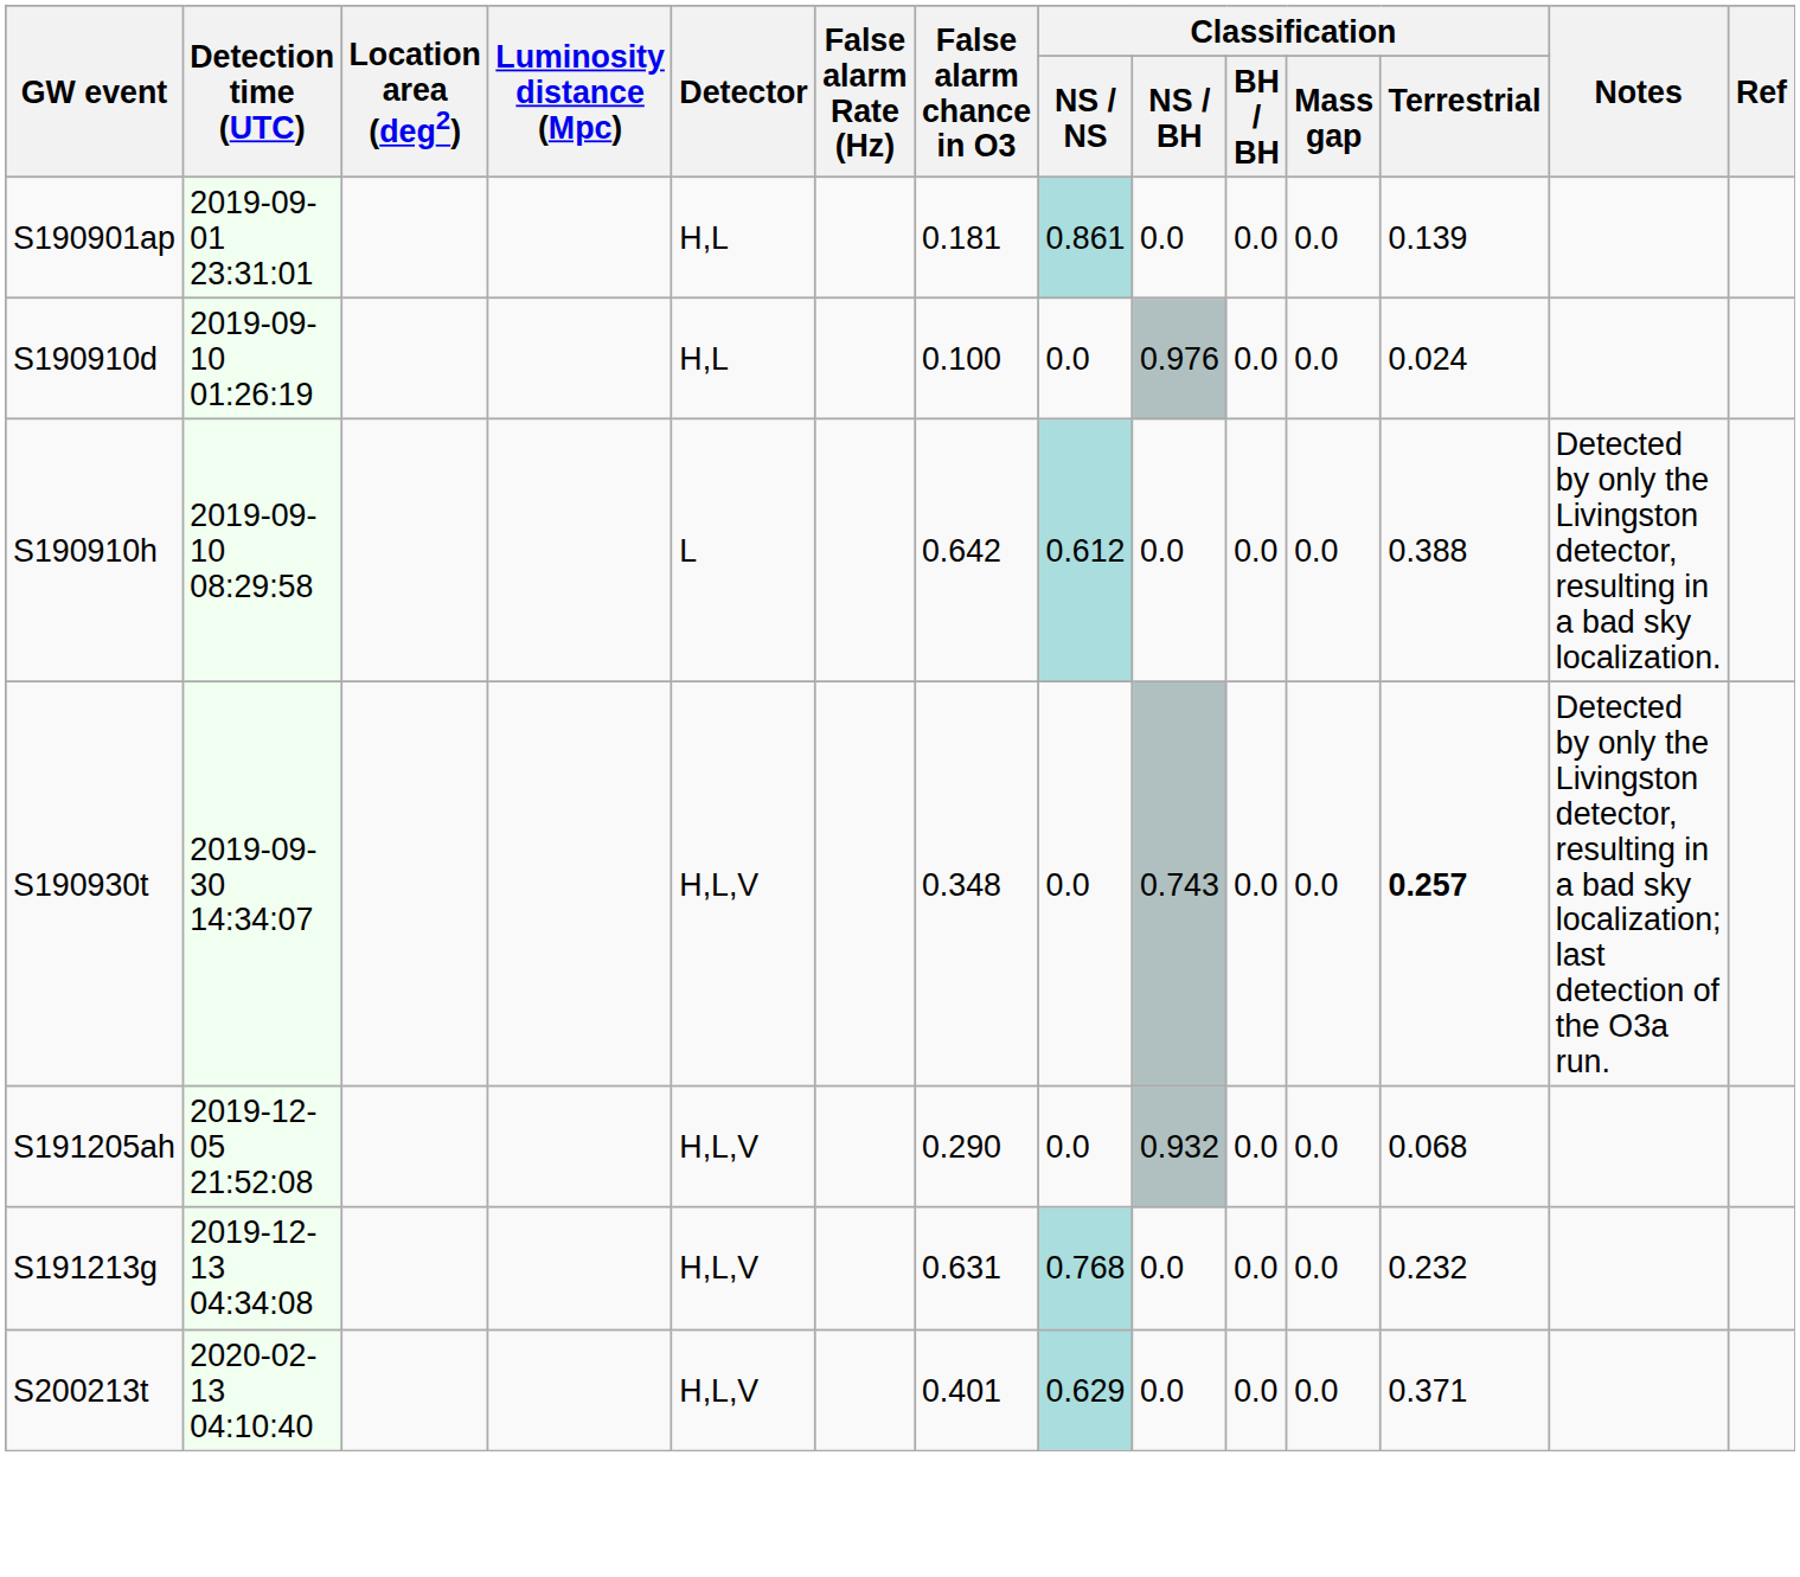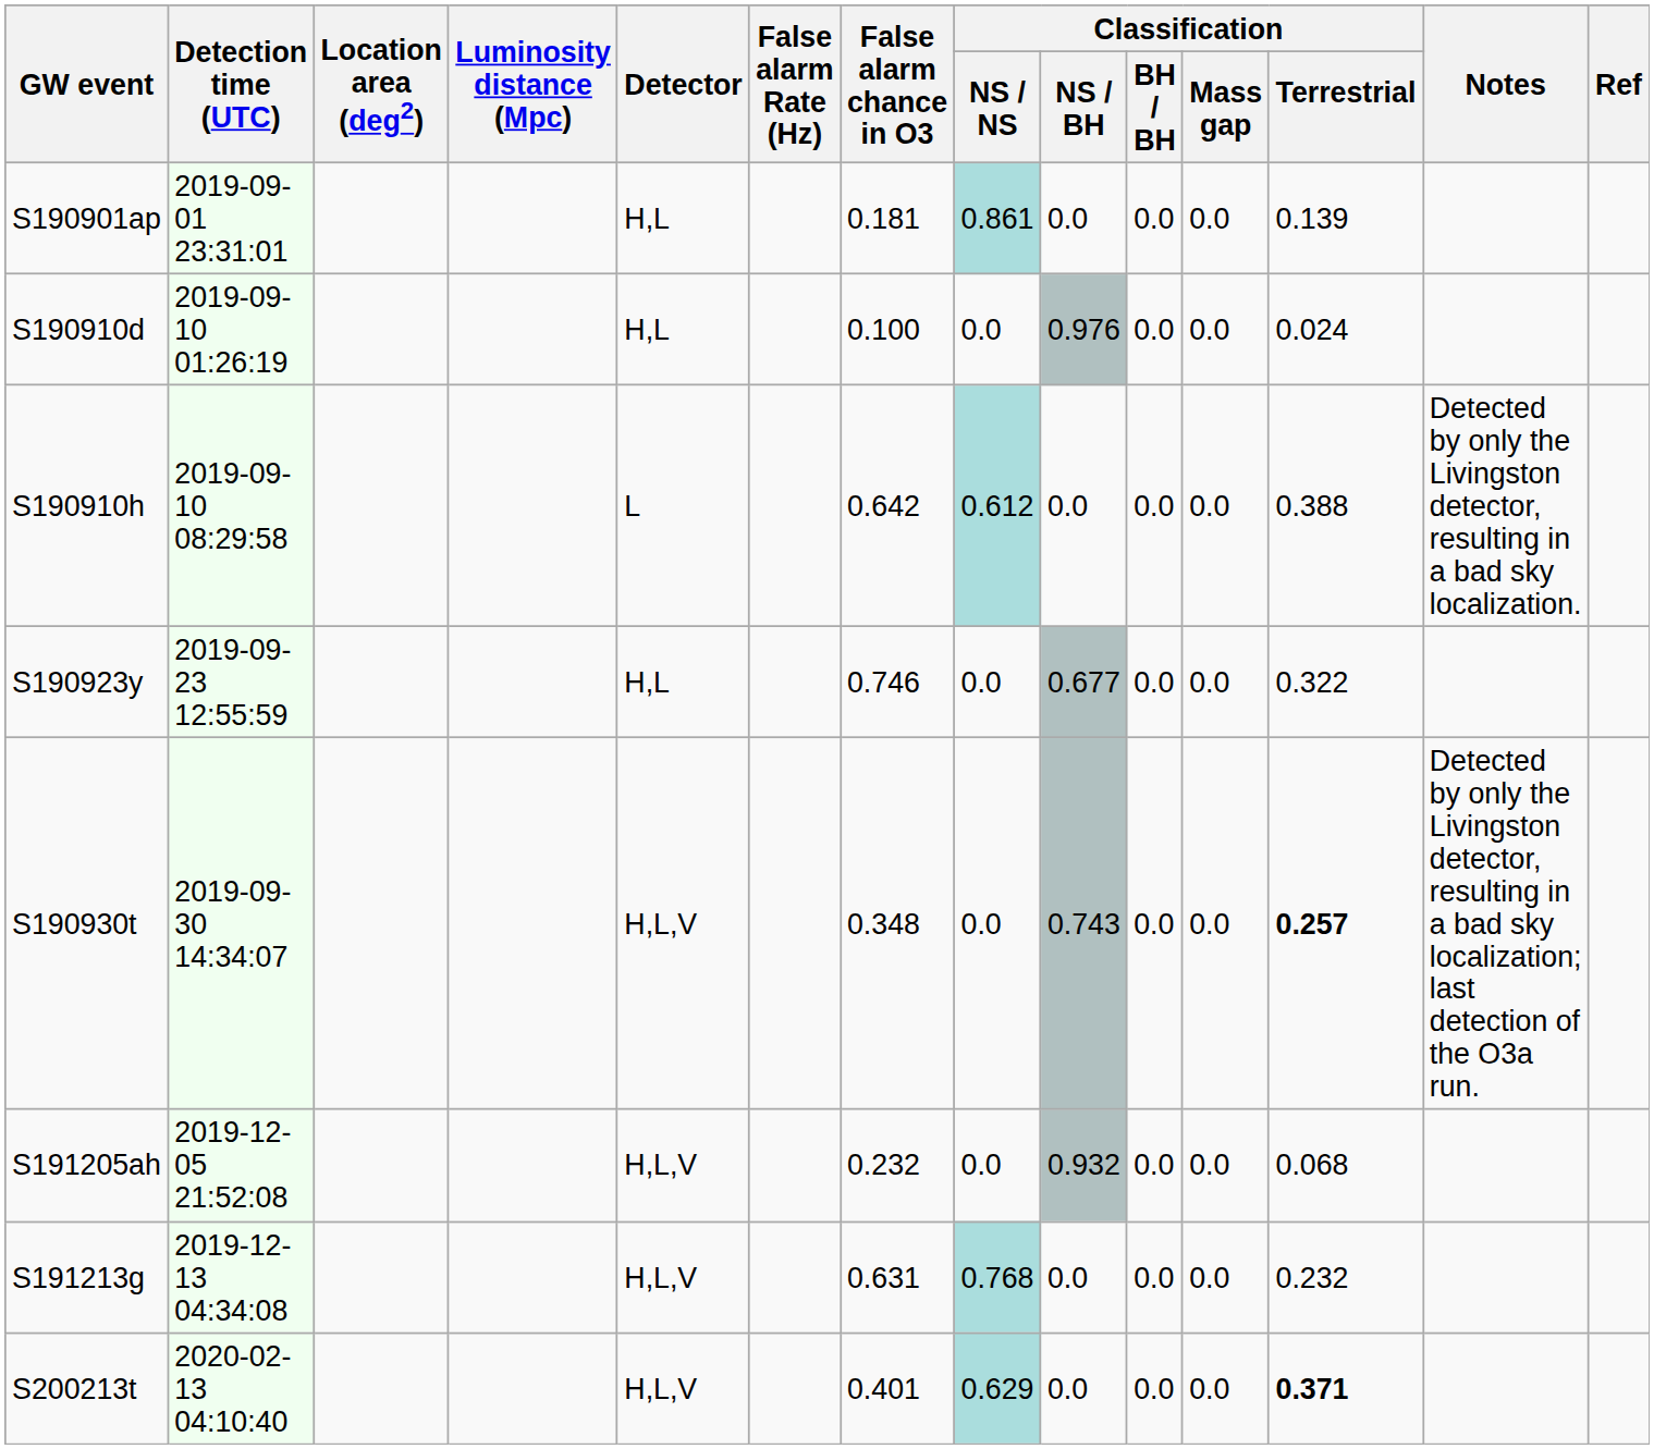 <table class="wikitable sortable" style="font-size:95%">
 <tr>
 <th rowspan=2>GW event</th>
 <th rowspan=2>Detection<br>time (<a href='#'>UTC</a>)<br></th>
 <th rowspan=2 width=100>Location<br>area<br>(<a href='#'>deg<sup>2</sup></a>)</th>
 <th rowspan=2><a href='#'>Luminosity<br>distance</a><br>(<a href='#'>Mpc</a>)</th>
 <th rowspan=2>Detector<br></th>
 <th rowspan=2>False alarm<br> Rate (Hz)</th>
 <th rowspan=2>False alarm<br>chance in O3</th>
 <th colspan=5>Classification<br></th>
 <th rowspan=2 class=unsortable>Notes</th>
 <th rowspan=2 class=unsortable>Ref</th>
 </tr>
 <tr>
 <th>NS / NS<br></th>
 <th>NS / BH<br></th>
 <th>BH / BH<br></th>
 <th>Mass gap<br></th>
 <th>Terrestrial<br><br> </th>
 </tr>
 <tr>
 <td>S190901ap</td>
 <td BGCOLOR="#f0fff0">2019-09-01<br>23:31:01<br></td>
 <td></td>
 <td></td>
 <td>H,L</td>
 <td></td>
 <td>0.181</td>
 <td bgcolor=AADDDD>0.861</td>
 <td>0.0</td>
 <td>0.0</td>
 <td>0.0</td>
 <td>0.139</td>
 <td></td>
 <td></td>
 </tr>
 <tr>
 <td>S190910d</td>
 <td BGCOLOR="#f0fff0">2019-09-10<br>01:26:19<br></td>
 <td></td>
 <td></td>
 <td>H,L</td>
 <td></td>
 <td>0.100</td>
 <td>0.0</td>
 <td bgcolor=B0C0C0>0.976</td>
 <td>0.0</td>
 <td>0.0</td>
 <td>0.024</td>
 <td></td>
 <td></td>
 </tr>
 <tr>
 <td>S190910h</td>
 <td BGCOLOR="#f0fff0">2019-09-10<br>08:29:58<br></td>
 <td></td>
 <td></td>
 <td>L</td>
 <td></td>
 <td>0.642</td>
 <td bgcolor=AADDDD>0.612</td>
 <td>0.0</td>
 <td>0.0</td>
 <td>0.0</td>
 <td>0.388</td>
 <td>Detected by only the Livingston detector, resulting in a bad sky localization.</td>
 <td></td>
 </tr>
 <tr>
+<td>S190923y</td>
+<td BGCOLOR="#f0fff0">2019-09-23 12:55:59<br></td>
+<td></td>
+<td></td>
+<td>H,L</td>
+<td></td>
+<td>0.746</td>
+<td>0.0</td>
+<td bgcolor=B0C0C0>0.677</td>
+<td>0.0</td>
+<td>0.0</td>
+<td>0.322</td>
+<td></td>
+<td></td>
+</tr>
+<tr>
 <td>S190930t</td>
 <td BGCOLOR="#f0fff0">2019-09-30 14:34:07<br></td>
 <td></td>
 <td></td>
 <td>H,L,V</td>
 <td></td>
 <td>0.348</td>
 <td>0.0</td>
 <td bgcolor=B0C0C0>0.743</td>
 <td>0.0</td>
 <td>0.0</td>
 <td><strong>0.257</strong></td>
 <td>Detected by only the Livingston detector, resulting in a bad sky localization; last detection of the O3a run.</td>
 <td></td>
 </tr>
 <tr>
 <td>S191205ah</td>
 <td BGCOLOR="#f0fff0">2019-12-05 21:52:08<br></td>
 <td></td>
 <td></td>
 <td>H,L,V</td>
 <td></td>
-<td>0.290</td>
+<td>0.232</td>
 <td>0.0</td>
 <td bgcolor=B0C0C0>0.932</td>
 <td>0.0</td>
 <td>0.0</td>
 <td>0.068</td>
 <td></td>
 <td></td>
 </tr>
 <tr>
 <td>S191213g</td>
 <td BGCOLOR="#f0fff0">2019-12-13 04:34:08<br></td>
 <td></td>
 <td></td>
 <td>H,L,V</td>
 <td></td>
 <td>0.631</td>
 <td bgcolor=AADDDD>0.768</td>
 <td>0.0</td>
 <td>0.0</td>
 <td>0.0</td>
 <td>0.232</td>
 <td></td>
 <td></td>
 </tr>
 <tr>
 <td>S200213t</td>
 <td BGCOLOR="#f0fff0">2020-02-13 04:10:40<br></td>
 <td></td>
 <td></td>
 <td>H,L,V</td>
 <td></td>
 <td>0.401</td>
 <td bgcolor=AADDDD>0.629</td>
 <td>0.0</td>
 <td>0.0</td>
 <td>0.0</td>
-<td>0.371</td>
+<td><strong>0.371</strong></td>
 <td></td>
 <td></td>
 </tr>
 </table>
